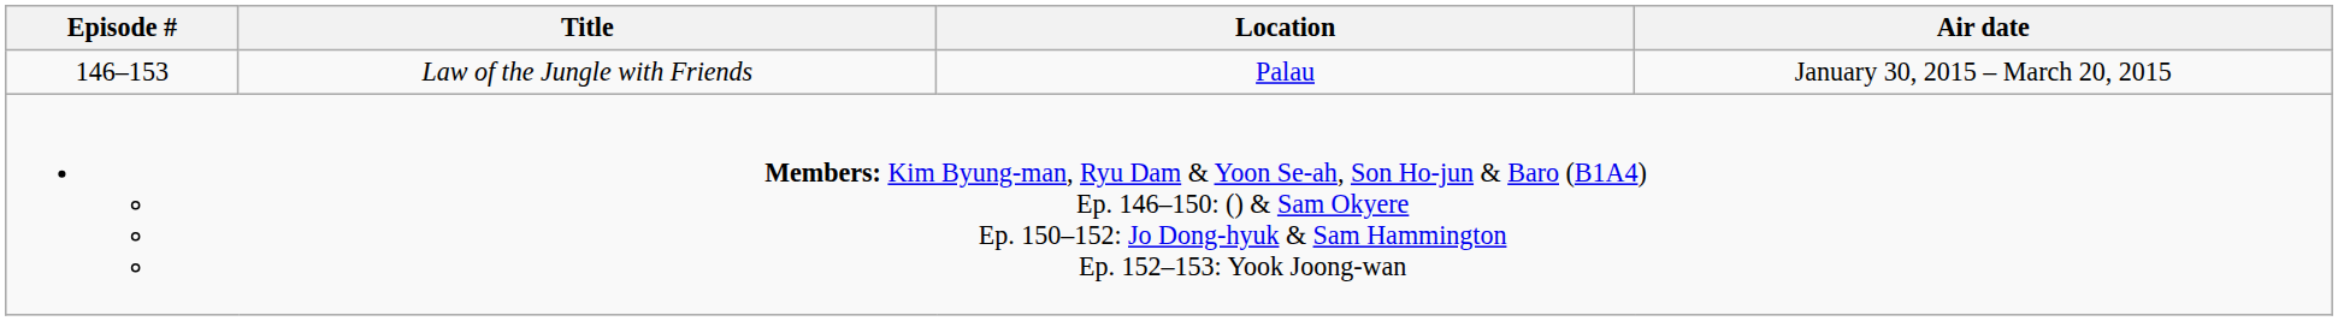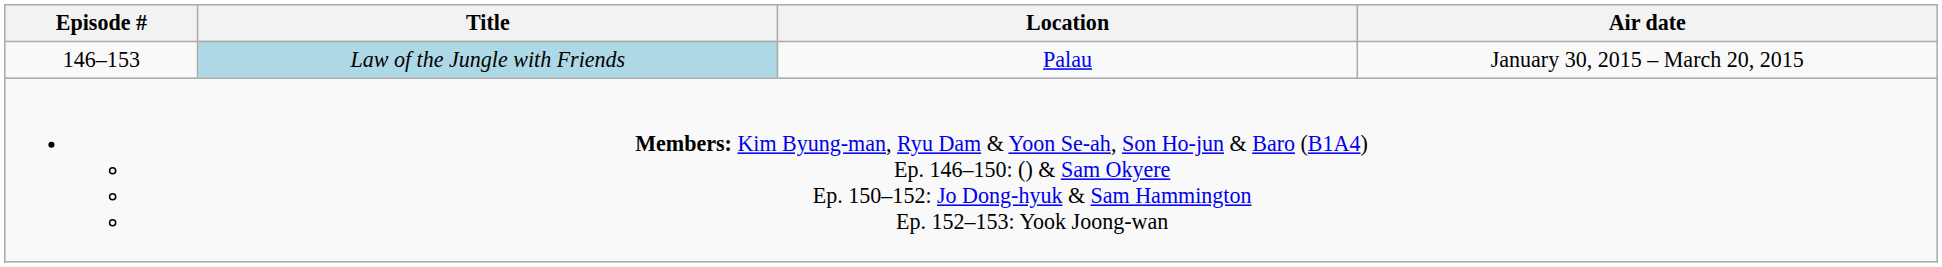 <table class="wikitable" style="text-align:center; font-size:90%; width:100%;">
 <tr>
 <th width="10%">Episode #</th>
 <th width="30%">Title</th>
 <th width="30%">Location</th>
 <th width="30%">Air date</th>
 </tr>
 <tr>
 <td>146–153</td>
-<td><em>Law of the Jungle with Friends</em></td>
+<td style="background: lightblue;"><em>Law of the Jungle with Friends</em></td>
 <td><a href='#'>Palau</a></td>
 <td>January 30, 2015 – March 20, 2015</td>
 </tr>
 <tr>
 <td colspan="4"><br><ul><li><strong>Members:</strong> <a href='#'>Kim Byung-man</a>, <a href='#'>Ryu Dam</a> & <a href='#'>Yoon Se-ah</a>, <a href='#'>Son Ho-jun</a> & <a href='#'>Baro</a> (<a href='#'>B1A4</a>)<ul><li>Ep. 146–150:  () & <a href='#'>Sam Okyere</a></li><li>Ep. 150–152: <a href='#'>Jo Dong-hyuk</a> & <a href='#'>Sam Hammington</a></li><li>Ep. 152–153: Yook Joong-wan</li></ul></li></ul></td>
 </tr>
 </table>
